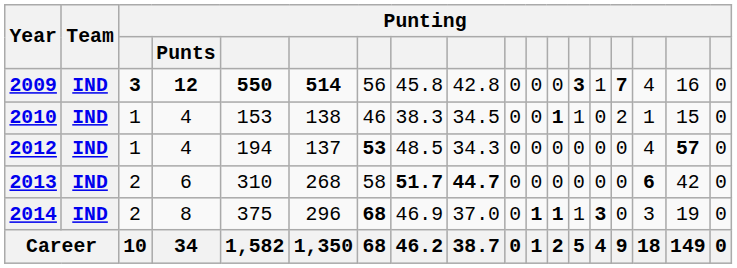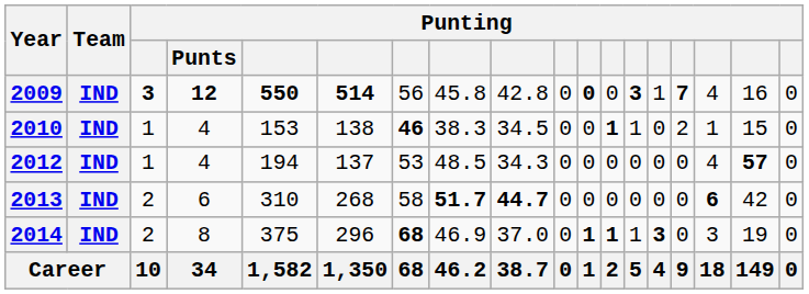 <table class=wikitable style="text-align:center;">
 <tr>
 <th rowspan="2">Year</th>
 <th rowspan="2">Team</th>
 <th colspan="16">Punting</th>
 </tr>
 <tr>
 <th></th>
 <th>Punts</th>
 <th></th>
 <th></th>
 <th></th>
 <th></th>
 <th></th>
 <th></th>
 <th></th>
 <th></th>
 <th></th>
 <th></th>
 <th></th>
 <th></th>
 <th></th>
 <th></th>
 </tr>
 <tr>
 <th><a href='#'>2009</a></th>
 <th><a href='#'>IND</a></th>
 <td><strong>3</strong></td>
 <td><strong>12</strong></td>
 <td><strong>550</strong></td>
 <td><strong>514</strong></td>
 <td>56</td>
 <td>45.8</td>
 <td>42.8</td>
 <td>0</td>
-<td>0</td>
+<td><strong>0</strong></td>
 <td>0</td>
 <td><strong>3</strong></td>
 <td>1</td>
 <td><strong>7</strong></td>
 <td>4</td>
 <td>16</td>
 <td>0</td>
 </tr>
 <tr>
 <th><a href='#'>2010</a></th>
 <th><a href='#'>IND</a></th>
 <td>1</td>
 <td>4</td>
 <td>153</td>
 <td>138</td>
-<td>46</td>
+<td><strong>46</strong></td>
 <td>38.3</td>
 <td>34.5</td>
 <td>0</td>
 <td>0</td>
 <td><strong>1</strong></td>
 <td>1</td>
 <td>0</td>
 <td>2</td>
 <td>1</td>
 <td>15</td>
 <td>0</td>
 </tr>
 <tr>
 <th><a href='#'>2012</a></th>
 <th><a href='#'>IND</a></th>
 <td>1</td>
 <td>4</td>
 <td>194</td>
 <td>137</td>
-<td><strong>53</strong></td>
+<td>53</td>
 <td>48.5</td>
 <td>34.3</td>
 <td>0</td>
 <td>0</td>
 <td>0</td>
 <td>0</td>
 <td>0</td>
 <td>0</td>
 <td>4</td>
 <td><strong>57</strong></td>
 <td>0</td>
 </tr>
 <tr>
 <th><a href='#'>2013</a></th>
 <th><a href='#'>IND</a></th>
 <td>2</td>
 <td>6</td>
 <td>310</td>
 <td>268</td>
 <td>58</td>
 <td><strong>51.7</strong></td>
 <td><strong>44.7</strong></td>
 <td>0</td>
 <td>0</td>
 <td>0</td>
 <td>0</td>
 <td>0</td>
 <td>0</td>
 <td><strong>6</strong></td>
 <td>42</td>
 <td>0</td>
 </tr>
 <tr>
 <th><a href='#'>2014</a></th>
 <th><a href='#'>IND</a></th>
 <td>2</td>
 <td>8</td>
 <td>375</td>
 <td>296</td>
 <td><strong>68</strong></td>
 <td>46.9</td>
 <td>37.0</td>
 <td>0</td>
 <td><strong>1</strong></td>
 <td><strong>1</strong></td>
 <td>1</td>
 <td><strong>3</strong></td>
 <td>0</td>
 <td>3</td>
 <td>19</td>
 <td>0</td>
 </tr>
 <tr>
 <th colspan="2">Career</th>
 <th>10</th>
 <th>34</th>
 <th>1,582</th>
 <th>1,350</th>
 <th>68</th>
 <th>46.2</th>
 <th>38.7</th>
 <th>0</th>
 <th>1</th>
 <th>2</th>
 <th>5</th>
 <th>4</th>
 <th>9</th>
 <th>18</th>
 <th>149</th>
 <th>0</th>
 </tr>
 </table>
